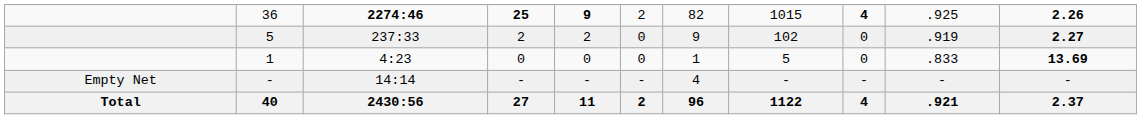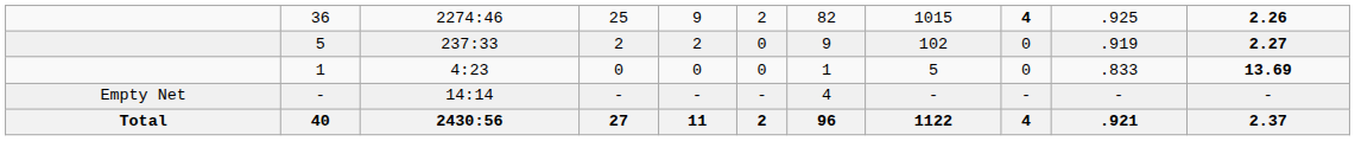 <table class="wikitable sortable" width="1100">
 <tr align="center">
 </tr>
 <tr align="center" bgcolor="">
 <td></td>
 <td>36</td>
-<td><strong>2274:46</strong></td>
-<td><strong>25</strong></td>
-<td><strong>9</strong></td>
+<td>2274:46</td>
+<td>25</td>
+<td>9</td>
 <td>2</td>
 <td>82</td>
 <td>1015</td>
 <td><strong>4</strong></td>
 <td>.925</td>
 <td><strong>2.26</strong></td>
 </tr>
 <tr align="center" bgcolor="f0f0f0">
 <td></td>
 <td>5</td>
 <td>237:33</td>
 <td>2</td>
 <td>2</td>
 <td>0</td>
 <td>9</td>
 <td>102</td>
 <td>0</td>
 <td>.919</td>
 <td><strong>2.27</strong></td>
 </tr>
 <tr align="center" bgcolor="">
 <td></td>
 <td>1</td>
 <td>4:23</td>
 <td>0</td>
 <td>0</td>
 <td>0</td>
 <td>1</td>
 <td>5</td>
 <td>0</td>
 <td>.833</td>
 <td><strong>13.69</strong></td>
 </tr>
 <tr align="center" bgcolor="f0f0f0">
 <td>Empty Net</td>
 <td>-</td>
 <td>14:14</td>
 <td>-</td>
 <td>-</td>
 <td>-</td>
 <td>4</td>
 <td>-</td>
 <td>-</td>
 <td>-</td>
 <td>-</td>
 </tr>
 <tr>
 <th>Total</th>
 <th>40</th>
 <th>2430:56</th>
 <th>27</th>
 <th>11</th>
 <th>2</th>
 <th>96</th>
 <th>1122</th>
 <th>4</th>
 <th>.921</th>
 <th>2.37</th>
 </tr>
 </table>
